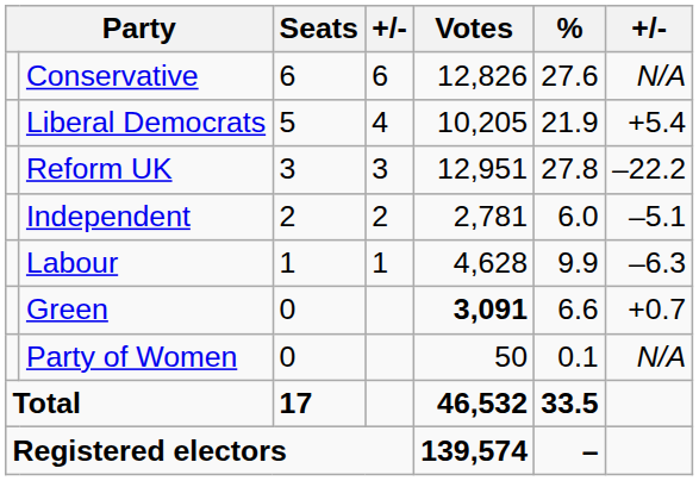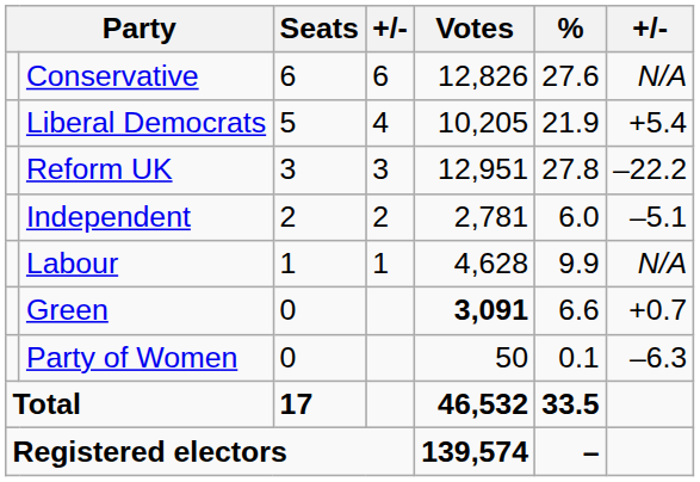 <table class="wikitable sortable">
 <tr>
 <th colspan="2">Party</th>
 <th>Seats</th>
 <th>+/-</th>
 <th>Votes</th>
 <th>%</th>
 <th>+/-</th>
 </tr>
 <tr>
 <td style="background-color: "></td>
 <td><a href='#'>Conservative</a></td>
 <td>6</td>
 <td> 6</td>
 <td style="text-align:right;">12,826</td>
 <td style="text-align:right;">27.6</td>
 <td style="text-align:right;"><em>N/A</em></td>
 </tr>
 <tr>
 <td style="background-color: "></td>
 <td><a href='#'>Liberal Democrats</a></td>
 <td>5</td>
 <td> 4</td>
 <td style="text-align:right;">10,205</td>
 <td style="text-align:right;">21.9</td>
 <td style="text-align:right;">+5.4</td>
 </tr>
 <tr>
 <td style="background-color: "></td>
 <td><a href='#'>Reform UK</a></td>
 <td>3</td>
 <td> 3</td>
 <td style="text-align:right;">12,951</td>
 <td style="text-align:right;">27.8</td>
 <td style="text-align:right;">–22.2</td>
 </tr>
 <tr>
 <td style="background-color: "></td>
 <td><a href='#'>Independent</a></td>
 <td>2</td>
 <td> 2</td>
 <td style="text-align:right;">2,781</td>
 <td style="text-align:right;">6.0</td>
 <td style="text-align:right;">–5.1</td>
 </tr>
 <tr>
 <td style="background-color: "></td>
 <td><a href='#'>Labour</a></td>
 <td>1</td>
 <td> 1</td>
 <td style="text-align:right;">4,628</td>
 <td style="text-align:right;">9.9</td>
-<td style="text-align:right;">–6.3</td>
+<td style="text-align:right;"><em>N/A</em></td>
 </tr>
 <tr>
 <td style="background-color: "></td>
 <td><a href='#'>Green</a></td>
 <td>0</td>
 <td></td>
 <td style="text-align:right;"><strong>3,091</strong></td>
 <td style="text-align:right;">6.6</td>
 <td style="text-align:right;">+0.7</td>
 </tr>
 <tr>
 <td style="background-color: "></td>
 <td><a href='#'>Party of Women</a></td>
 <td>0</td>
 <td></td>
 <td style="text-align:right;">50</td>
 <td style="text-align:right;">0.1</td>
-<td style="text-align:right;"><em>N/A</em></td>
+<td style="text-align:right;">–6.3</td>
 </tr>
 <tr>
 <td colspan="2"><strong>Total</strong></td>
 <td><strong>17</strong></td>
 <td></td>
 <td style="text-align:right;"><strong>46,532</strong></td>
 <td style="text-align:right;"><strong>33.5</strong></td>
 <td style="text-align:right;"></td>
 </tr>
 <tr>
 <td colspan="4"><strong>Registered electors</strong></td>
 <td style="text-align:right;"><strong>139,574</strong></td>
 <td style="text-align:right;"><strong>–</strong></td>
 <td style="text-align:right;"></td>
 </tr>
 </table>
